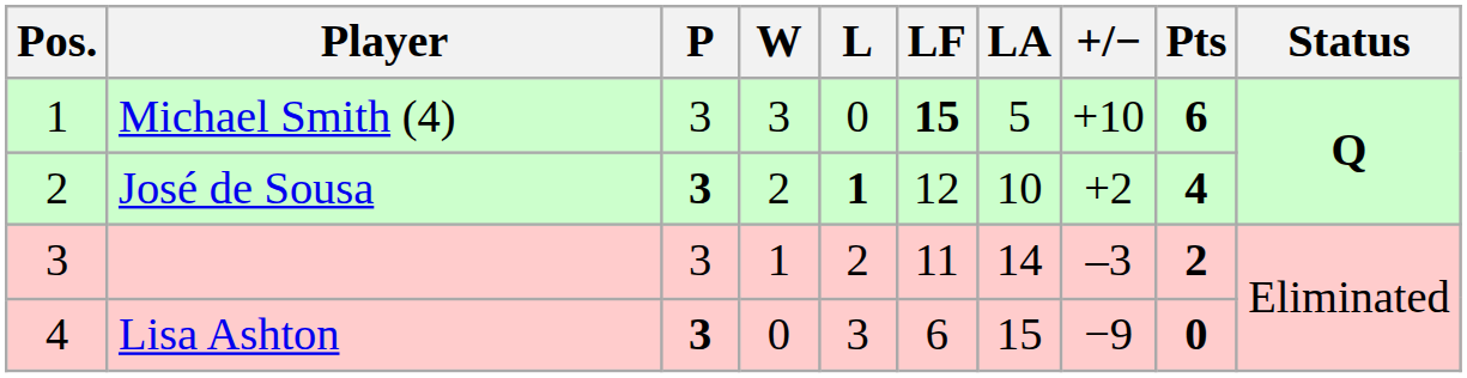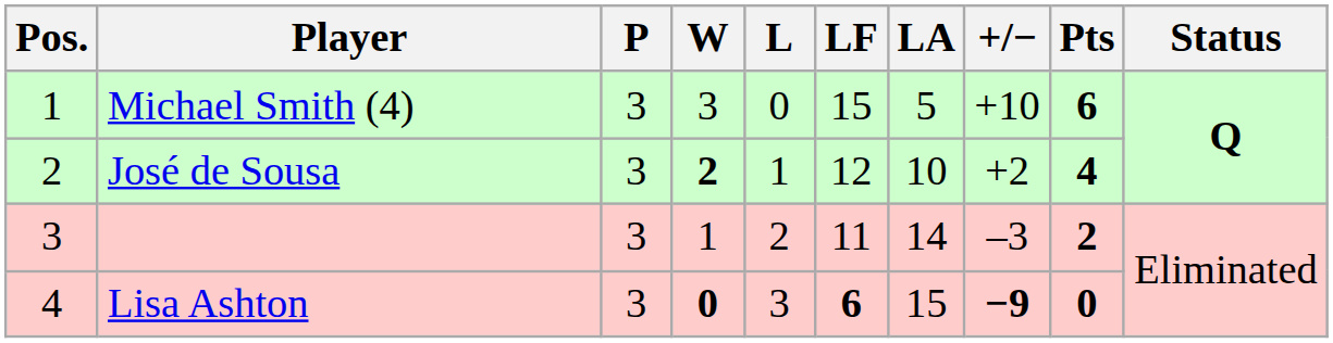 <table class="wikitable" style="text-align:center; margin: 1em auto 1em auto, align:left">
 <tr>
 <th width=20>Pos.</th>
 <th width=185>Player</th>
 <th width=20>P</th>
 <th width=20>W</th>
 <th width=20>L</th>
 <th width=20>LF</th>
 <th width=20>LA</th>
 <th width=25>+/−</th>
 <th width=20>Pts</th>
 <th width=70>Status</th>
 </tr>
 <tr style="background:#CCFFCC;">
 <td>1</td>
 <td align=left> <a href='#'>Michael Smith</a> (4)</td>
 <td>3</td>
 <td>3</td>
 <td>0</td>
-<td><strong>15</strong></td>
+<td>15</td>
 <td>5</td>
 <td>+10</td>
 <td><strong>6</strong></td>
 <td rowspan=2><strong>Q</strong></td>
 </tr>
 <tr style="background:#CCFFCC;">
 <td>2</td>
 <td align=left> <a href='#'>José de Sousa</a></td>
-<td><strong>3</strong></td>
-<td>2</td>
-<td><strong>1</strong></td>
+<td>3</td>
+<td><strong>2</strong></td>
+<td>1</td>
 <td>12</td>
 <td>10</td>
 <td>+2</td>
 <td><strong>4</strong></td>
 </tr>
 <tr style="background:#FFCCCC;">
 <td>3</td>
 <td align=left></td>
 <td>3</td>
 <td>1</td>
 <td>2</td>
 <td>11</td>
 <td>14</td>
 <td>–3</td>
 <td><strong>2</strong></td>
 <td rowspan=2>Eliminated</td>
 </tr>
 <tr style="background:#FFCCCC;">
 <td>4</td>
 <td align=left> <a href='#'>Lisa Ashton</a></td>
-<td><strong>3</strong></td>
-<td>0</td>
 <td>3</td>
-<td>6</td>
+<td><strong>0</strong></td>
+<td>3</td>
+<td><strong>6</strong></td>
 <td>15</td>
-<td>−9</td>
+<td><strong>−9</strong></td>
 <td><strong>0</strong></td>
 </tr>
 </table>
